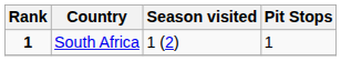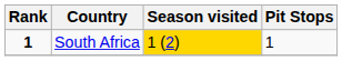 <table class="wikitable">
 <tr>
 <th>Rank</th>
 <th>Country</th>
 <th>Season visited</th>
 <th>Pit Stops</th>
 </tr>
 <tr>
 <td style="text-align:center;"><strong>1</strong></td>
 <td><a href='#'>South Africa</a></td>
-<td>1 (<a href='#'>2</a>)</td>
+<td style="background: gold;">1 (<a href='#'>2</a>)</td>
 <td>1</td>
 </tr>
 <tr>
 </tr>
 </table>
